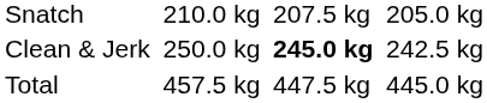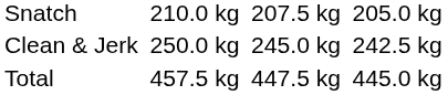 <table>
 <tr>
 <td>Snatch</td>
 <td></td>
 <td>210.0 kg</td>
 <td></td>
 <td>207.5 kg</td>
 <td></td>
 <td>205.0 kg</td>
 </tr>
 <tr>
 <td>Clean & Jerk</td>
 <td></td>
 <td>250.0 kg</td>
 <td></td>
-<td><strong>245.0 kg</strong></td>
+<td>245.0 kg</td>
 <td></td>
 <td>242.5 kg</td>
 </tr>
 <tr>
 <td>Total</td>
 <td></td>
 <td>457.5 kg</td>
 <td></td>
 <td>447.5 kg</td>
 <td></td>
 <td>445.0 kg</td>
 </tr>
 </table>
